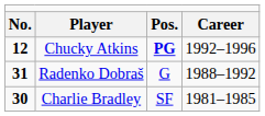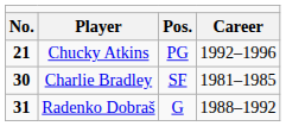 <table class="wikitable sortable" style="text-align:center;">
 <tr>
 <td colspan=4 style="text-align:center;"></td>
 </tr>
 <tr>
 <th style="text-align:center;">No.</th>
 <th style="text-align:center;">Player</th>
 <th style="text-align:center;">Pos.</th>
 <th style="text-align:center;">Career</th>
 </tr>
 <tr>
-<td><strong>12</strong></td>
+<td><strong>21</strong></td>
 <td><a href='#'>Chucky Atkins</a></td>
-<td><strong><a href='#'>PG</a></strong></td>
+<td><a href='#'>PG</a></td>
 <td>1992–1996</td>
+</tr>
+<tr>
+<td><strong>30</strong></td>
+<td><a href='#'>Charlie Bradley</a></td>
+<td><a href='#'>SF</a></td>
+<td>1981–1985</td>
 </tr>
 <tr>
 <td><strong>31</strong></td>
 <td><a href='#'>Radenko Dobraš</a></td>
 <td><a href='#'>G</a></td>
 <td>1988–1992</td>
 </tr>
-<tr>
-<td><strong>30</strong></td>
-<td><a href='#'>Charlie Bradley</a></td>
-<td><a href='#'>SF</a></td>
-<td>1981–1985</td>
-</tr>
 </table>
